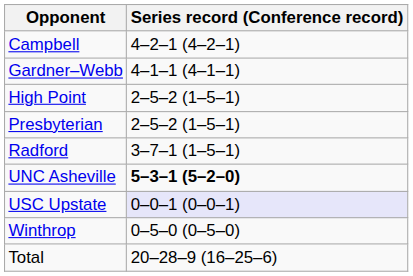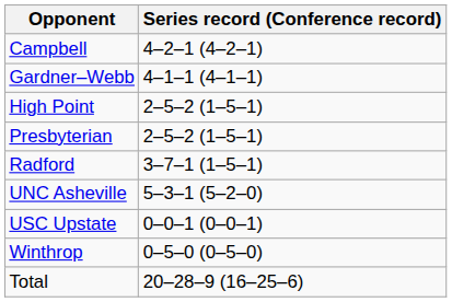 <table class="wikitable">
 <tr>
 <th>Opponent</th>
 <th>Series record (Conference record)</th>
 </tr>
 <tr>
 <td><a href='#'>Campbell</a></td>
 <td>4–2–1 (4–2–1)</td>
 </tr>
 <tr>
 <td><a href='#'>Gardner–Webb</a></td>
 <td>4–1–1 (4–1–1)</td>
 </tr>
 <tr>
 <td><a href='#'>High Point</a></td>
 <td>2–5–2 (1–5–1)</td>
 </tr>
 <tr>
 <td><a href='#'>Presbyterian</a></td>
 <td>2–5–2 (1–5–1)</td>
 </tr>
 <tr>
 <td><a href='#'>Radford</a></td>
 <td>3–7–1 (1–5–1)</td>
 </tr>
 <tr>
 <td><a href='#'>UNC Asheville</a></td>
-<td><strong>5–3–1 (5–2–0)</strong></td>
+<td>5–3–1 (5–2–0)</td>
 </tr>
 <tr>
 <td><a href='#'>USC Upstate</a></td>
-<td style="background: lavender;">0–0–1 (0–0–1)</td>
+<td>0–0–1 (0–0–1)</td>
 </tr>
 <tr>
 <td><a href='#'>Winthrop</a></td>
 <td>0–5–0 (0–5–0)</td>
 </tr>
 <tr>
 <td>Total</td>
 <td>20–28–9 (16–25–6)</td>
 </tr>
 </table>
